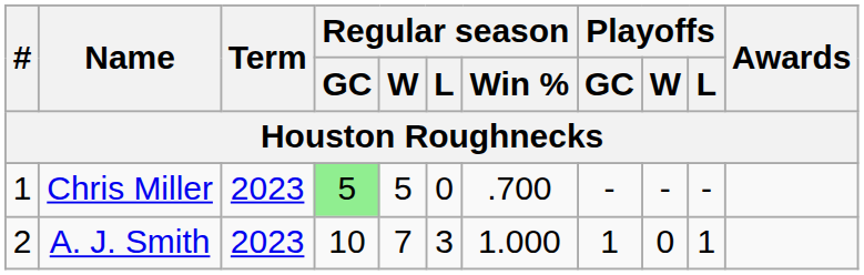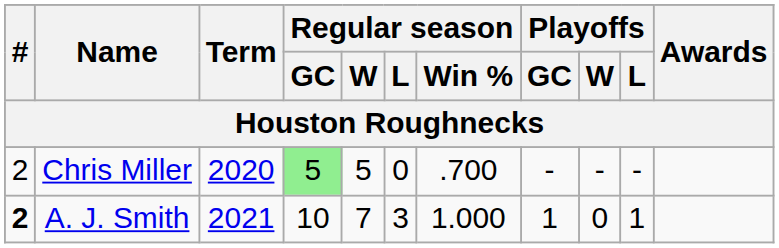 <table class="wikitable" style="text-align:center">
 <tr>
 <th rowspan="2">#</th>
 <th rowspan="2">Name</th>
 <th rowspan="2">Term</th>
 <th colspan="4">Regular season</th>
 <th colspan="3">Playoffs</th>
 <th rowspan="2">Awards</th>
 </tr>
 <tr>
 <th>GC</th>
 <th>W</th>
 <th>L</th>
 <th>Win %</th>
 <th>GC</th>
 <th>W</th>
 <th>L</th>
 </tr>
 <tr>
 <th colspan="11">Houston Roughnecks</th>
 </tr>
 <tr>
-<td>1</td>
+<td>2</td>
 <td><a href='#'>Chris Miller</a></td>
-<td><a href='#'>2023</a></td>
+<td><a href='#'>2020</a></td>
 <td style="background: lightgreen;">5</td>
 <td>5</td>
 <td>0</td>
 <td>.700</td>
 <td>-</td>
 <td>-</td>
 <td>-</td>
 <td></td>
 </tr>
 <tr>
-<td>2</td>
+<td><strong>2</strong></td>
 <td><a href='#'>A. J. Smith</a></td>
-<td><a href='#'>2023</a></td>
+<td><a href='#'>2021</a></td>
 <td>10</td>
 <td>7</td>
 <td>3</td>
 <td>1.000</td>
 <td>1</td>
 <td>0</td>
 <td>1</td>
 <td></td>
 </tr>
 </table>
